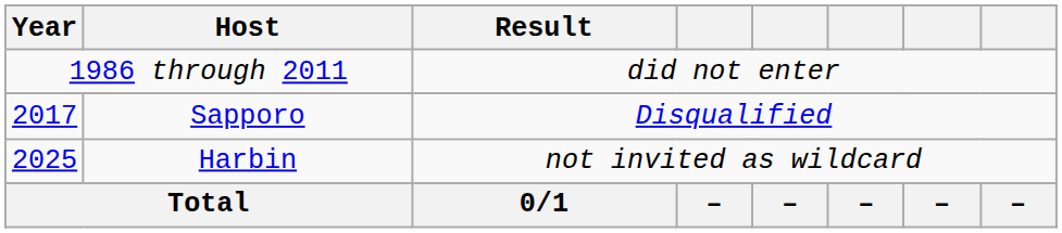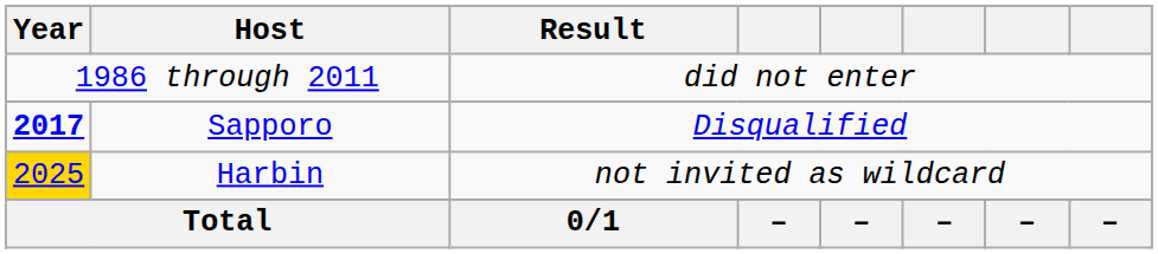 <table class="wikitable" style="text-align:center">
 <tr>
 <th width=30>Year</th>
 <th width=150>Host</th>
 <th width=120>Result</th>
 <th width=30></th>
 <th width=30></th>
 <th width=30></th>
 <th width=30></th>
 <th width=30></th>
 </tr>
 <tr>
 <td colspan=2><a href='#'>1986</a> <em>through</em> <a href='#'>2011</a></td>
 <td colspan=6><em>did not enter</em></td>
 </tr>
 <tr>
-<td><a href='#'>2017</a></td>
+<td><strong><a href='#'>2017</a></strong></td>
 <td> <a href='#'>Sapporo</a></td>
 <td colspan=6><em><a href='#'>Disqualified</a></em></td>
 </tr>
 <tr>
-<td><a href='#'>2025</a></td>
+<td style="background: gold;"><a href='#'>2025</a></td>
 <td> <a href='#'>Harbin</a></td>
 <td colspan=6><em>not invited as wildcard</em></td>
 </tr>
 <tr>
 <th colspan=2>Total</th>
 <th>0/1</th>
 <th>–</th>
 <th>–</th>
 <th>–</th>
 <th>–</th>
 <th>–</th>
 </tr>
 </table>
